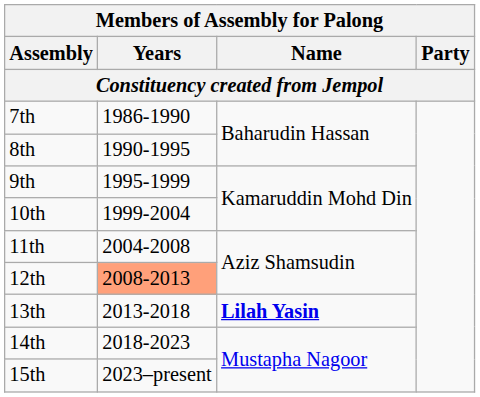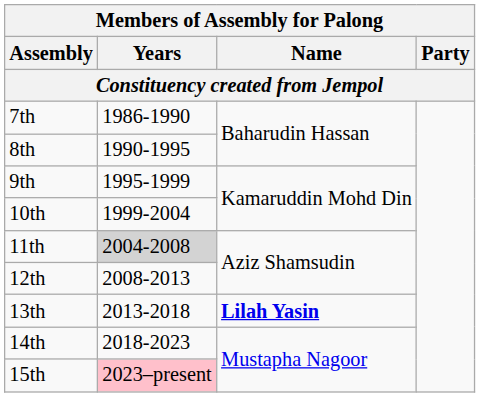 <table class="wikitable">
 <tr>
 <th colspan="4">Members of Assembly for Palong</th>
 </tr>
 <tr>
 <th>Assembly</th>
 <th>Years</th>
 <th>Name</th>
 <th>Party</th>
 </tr>
 <tr>
 <th colspan="4"><em>Constituency created from Jempol</em></th>
 </tr>
 <tr>
 <td>7th</td>
 <td>1986-1990</td>
 <td rowspan="2">Baharudin Hassan</td>
 <td rowspan="9"></td>
 </tr>
 <tr>
 <td>8th</td>
 <td>1990-1995</td>
 </tr>
 <tr>
 <td>9th</td>
 <td>1995-1999</td>
 <td rowspan="2">Kamaruddin Mohd Din</td>
 </tr>
 <tr>
 <td>10th</td>
 <td>1999-2004</td>
 </tr>
 <tr>
 <td>11th</td>
-<td>2004-2008</td>
+<td style="background: lightgrey;">2004-2008</td>
 <td rowspan="2">Aziz Shamsudin</td>
 </tr>
 <tr>
 <td>12th</td>
-<td style="background: lightsalmon;">2008-2013</td>
+<td>2008-2013</td>
 </tr>
 <tr>
 <td>13th</td>
 <td>2013-2018</td>
 <td><strong><a href='#'>Lilah Yasin</a></strong></td>
 </tr>
 <tr>
 <td>14th</td>
 <td>2018-2023</td>
 <td rowspan="2"><a href='#'>Mustapha Nagoor</a></td>
 </tr>
 <tr>
 <td>15th</td>
-<td>2023–present</td>
+<td style="background: pink;">2023–present</td>
 </tr>
 </table>
